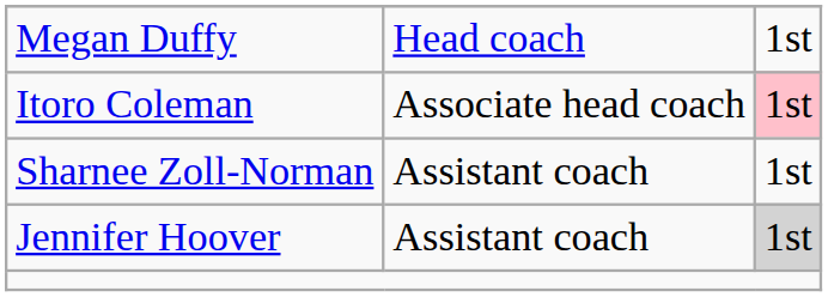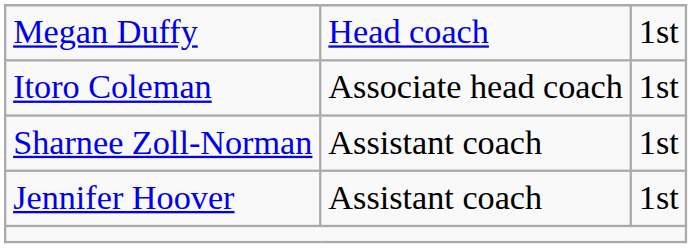 <table class="wikitable" style="font-size:93%;">
 <tr>
 </tr>
 <tr>
 <td><a href='#'>Megan Duffy</a></td>
 <td><a href='#'>Head coach</a></td>
 <td align=center>1st</td>
 </tr>
 <tr>
 <td><a href='#'>Itoro Coleman</a></td>
 <td>Associate head coach</td>
-<td align=center style="background: pink;">1st</td>
+<td align=center>1st</td>
 </tr>
 <tr>
 <td><a href='#'>Sharnee Zoll-Norman</a></td>
 <td>Assistant coach</td>
 <td align=center>1st</td>
 </tr>
 <tr>
 <td><a href='#'>Jennifer Hoover</a></td>
 <td>Assistant coach</td>
-<td align=center style="background: lightgrey;">1st</td>
+<td align=center>1st</td>
 </tr>
 <tr>
 <td colspan=4></td>
 </tr>
 </table>
